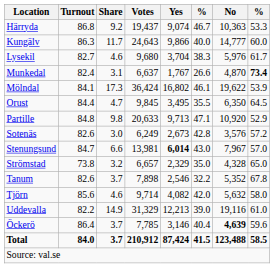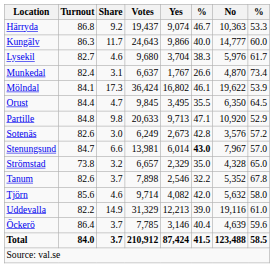 <table class="wikitable sortable" style=text-align:right>
 <tr>
 <th>Location</th>
 <th>Turnout</th>
 <th>Share</th>
 <th>Votes</th>
 <th>Yes</th>
 <th>%</th>
 <th>No</th>
 <th>%</th>
 </tr>
 <tr>
 <td align=left><a href='#'>Härryda</a></td>
 <td>86.8</td>
 <td>9.2</td>
 <td>19,437</td>
 <td>9,074</td>
 <td>46.7</td>
 <td>10,363</td>
 <td>53.3</td>
 </tr>
 <tr>
 <td align=left><a href='#'>Kungälv</a></td>
 <td>86.3</td>
 <td>11.7</td>
 <td>24,643</td>
 <td>9,866</td>
 <td>40.0</td>
 <td>14,777</td>
 <td>60.0</td>
 </tr>
 <tr>
 <td align=left><a href='#'>Lysekil</a></td>
 <td>82.7</td>
 <td>4.6</td>
 <td>9,680</td>
 <td>3,704</td>
 <td>38.3</td>
 <td>5,976</td>
 <td>61.7</td>
 </tr>
 <tr>
 <td align=left><a href='#'>Munkedal</a></td>
 <td>82.4</td>
 <td>3.1</td>
 <td>6,637</td>
 <td>1,767</td>
 <td>26.6</td>
 <td>4,870</td>
-<td><strong>73.4</strong></td>
+<td>73.4</td>
 </tr>
 <tr>
 <td align=left><a href='#'>Mölndal</a></td>
 <td>84.1</td>
 <td>17.3</td>
 <td>36,424</td>
 <td>16,802</td>
 <td>46.1</td>
 <td>19,622</td>
 <td>53.9</td>
 </tr>
 <tr>
 <td align=left><a href='#'>Orust</a></td>
 <td>84.4</td>
 <td>4.7</td>
 <td>9,845</td>
 <td>3,495</td>
 <td>35.5</td>
 <td>6,350</td>
 <td>64.5</td>
 </tr>
 <tr>
 <td align=left><a href='#'>Partille</a></td>
 <td>84.8</td>
 <td>9.8</td>
 <td>20,633</td>
 <td>9,713</td>
 <td>47.1</td>
 <td>10,920</td>
 <td>52.9</td>
 </tr>
 <tr>
 <td align=left><a href='#'>Sotenäs</a></td>
 <td>82.6</td>
 <td>3.0</td>
 <td>6,249</td>
 <td>2,673</td>
 <td>42.8</td>
 <td>3,576</td>
 <td>57.2</td>
 </tr>
 <tr>
 <td align=left><a href='#'>Stenungsund</a></td>
 <td>84.7</td>
 <td>6.6</td>
 <td>13,981</td>
-<td><strong>6,014</strong></td>
-<td>43.0</td>
+<td>6,014</td>
+<td><strong>43.0</strong></td>
 <td>7,967</td>
 <td>57.0</td>
 </tr>
 <tr>
 <td align=left><a href='#'>Strömstad</a></td>
 <td>73.8</td>
 <td>3.2</td>
 <td>6,657</td>
 <td>2,329</td>
 <td>35.0</td>
 <td>4,328</td>
 <td>65.0</td>
 </tr>
 <tr>
 <td align=left><a href='#'>Tanum</a></td>
 <td>82.6</td>
 <td>3.7</td>
 <td>7,898</td>
 <td>2,546</td>
 <td>32.2</td>
 <td>5,352</td>
 <td>67.8</td>
 </tr>
 <tr>
 <td align=left><a href='#'>Tjörn</a></td>
 <td>85.6</td>
 <td>4.6</td>
 <td>9,714</td>
 <td>4,082</td>
 <td>42.0</td>
 <td>5,632</td>
 <td>58.0</td>
 </tr>
 <tr>
 <td align=left><a href='#'>Uddevalla</a></td>
 <td>82.2</td>
 <td>14.9</td>
 <td>31,329</td>
 <td>12,213</td>
 <td>39.0</td>
 <td>19,116</td>
 <td>61.0</td>
 </tr>
 <tr>
 <td align=left><a href='#'>Öckerö</a></td>
 <td>86.4</td>
 <td>3.7</td>
 <td>7,785</td>
 <td>3,146</td>
 <td>40.4</td>
-<td><strong>4,639</strong></td>
+<td>4,639</td>
 <td>59.6</td>
 </tr>
 <tr>
 <td align=left><strong>Total</strong></td>
 <td><strong>84.0</strong></td>
 <td><strong>3.7</strong></td>
 <td><strong>210,912</strong></td>
 <td><strong>87,424</strong></td>
 <td><strong>41.5</strong></td>
 <td><strong>123,488</strong></td>
 <td><strong>58.5</strong></td>
 </tr>
 <tr>
 <td align=left colspan=8>Source: val.se </td>
 </tr>
 </table>
